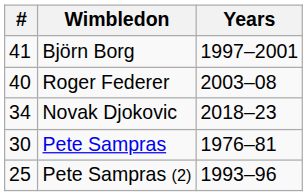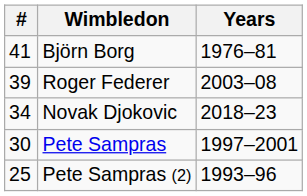 <table class="wikitable" style="display:inline-table;">
 <tr>
 <th width=20>#</th>
 <th>Wimbledon</th>
 <th>Years</th>
 </tr>
 <tr>
 <td>41</td>
 <td> Björn Borg</td>
-<td>1997–2001</td>
+<td>1976–81</td>
 </tr>
 <tr>
-<td>40</td>
+<td>39</td>
 <td> Roger Federer</td>
 <td>2003–08</td>
 </tr>
 <tr>
 <td>34</td>
 <td> Novak Djokovic</td>
 <td>2018–23</td>
 </tr>
 <tr>
 <td>30</td>
 <td> <a href='#'>Pete Sampras</a></td>
-<td>1976–81</td>
+<td>1997–2001</td>
 </tr>
 <tr>
 <td>25</td>
 <td> Pete Sampras <small>(2)</small></td>
 <td>1993–96</td>
 </tr>
 </table>
